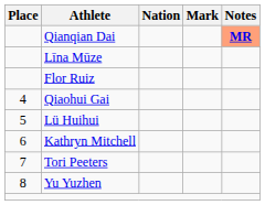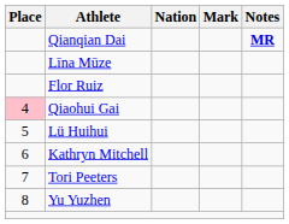 <table class="wikitable mw-datatable sortable" style="text-align:center;">
 <tr>
 <th scope="col">Place</th>
 <th scope="col">Athlete</th>
 <th scope="col">Nation</th>
 <th scope="col">Mark</th>
 <th scope="col">Notes</th>
 </tr>
 <tr>
 <td></td>
 <td align="left"><a href='#'>Qianqian Dai</a></td>
 <td align="left"></td>
 <td></td>
-<td style="background: lightsalmon;"><strong><a href='#'>MR</a></strong></td>
+<td><strong><a href='#'>MR</a></strong></td>
 </tr>
 <tr>
 <td></td>
 <td align="left"><a href='#'>Līna Mūze</a></td>
 <td align="left"></td>
 <td></td>
 <td></td>
 </tr>
 <tr>
 <td></td>
 <td align="left"><a href='#'>Flor Ruiz</a></td>
 <td align="left"></td>
 <td></td>
 <td></td>
 </tr>
 <tr>
-<td>4</td>
+<td style="background: pink;">4</td>
 <td align="left"><a href='#'>Qiaohui Gai</a></td>
 <td align="left"></td>
 <td></td>
 <td></td>
 </tr>
 <tr>
 <td>5</td>
 <td align="left"><a href='#'>Lü Huihui</a></td>
 <td align="left"></td>
 <td></td>
 <td></td>
 </tr>
 <tr>
 <td>6</td>
 <td align="left"><a href='#'>Kathryn Mitchell</a></td>
 <td align="left"></td>
 <td></td>
 <td></td>
 </tr>
 <tr>
 <td>7</td>
 <td align="left"><a href='#'>Tori Peeters</a></td>
 <td align="left"></td>
 <td></td>
 <td></td>
 </tr>
 <tr>
 <td>8</td>
 <td align="left"><a href='#'>Yu Yuzhen</a></td>
 <td align="left"></td>
 <td></td>
 <td></td>
 </tr>
 <tr class="sortbottom">
 <td colspan="5"></td>
 </tr>
 </table>
